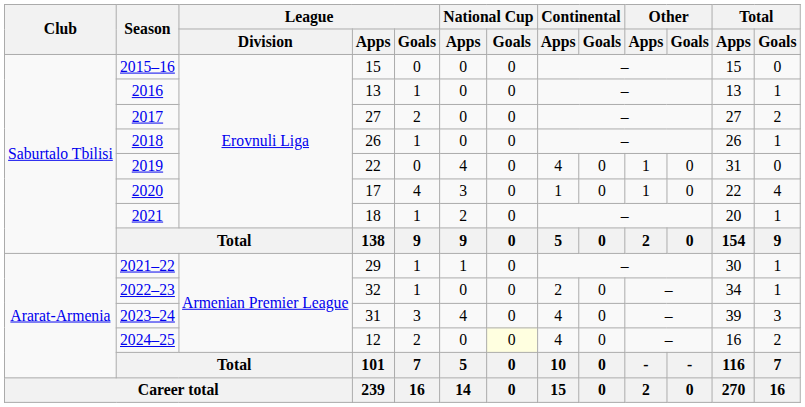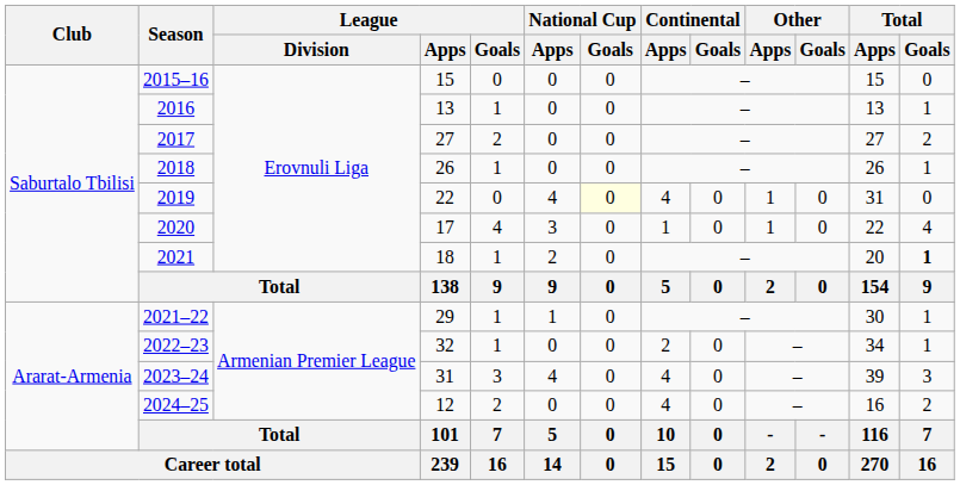 <table class="wikitable" style="text-align: center">
 <tr>
 <th rowspan="2">Club</th>
 <th rowspan="2">Season</th>
 <th colspan="3">League</th>
 <th colspan="2">National Cup</th>
 <th colspan="2">Continental</th>
 <th colspan="2">Other</th>
 <th colspan="2">Total</th>
 </tr>
 <tr>
 <th>Division</th>
 <th>Apps</th>
 <th>Goals</th>
 <th>Apps</th>
 <th>Goals</th>
 <th>Apps</th>
 <th>Goals</th>
 <th>Apps</th>
 <th>Goals</th>
 <th>Apps</th>
 <th>Goals</th>
 </tr>
 <tr>
 <td rowspan="8"><a href='#'>Saburtalo Tbilisi</a></td>
 <td><a href='#'>2015–16</a></td>
 <td rowspan="7"><a href='#'>Erovnuli Liga</a></td>
 <td>15</td>
 <td>0</td>
 <td>0</td>
 <td>0</td>
 <td colspan="4">–</td>
 <td>15</td>
 <td>0</td>
 </tr>
 <tr>
 <td><a href='#'>2016</a></td>
 <td>13</td>
 <td>1</td>
 <td>0</td>
 <td>0</td>
 <td colspan="4">–</td>
 <td>13</td>
 <td>1</td>
 </tr>
 <tr>
 <td><a href='#'>2017</a></td>
 <td>27</td>
 <td>2</td>
 <td>0</td>
 <td>0</td>
 <td colspan="4">–</td>
 <td>27</td>
 <td>2</td>
 </tr>
 <tr>
 <td><a href='#'>2018</a></td>
 <td>26</td>
 <td>1</td>
 <td>0</td>
 <td>0</td>
 <td colspan="4">–</td>
 <td>26</td>
 <td>1</td>
 </tr>
 <tr>
 <td><a href='#'>2019</a></td>
 <td>22</td>
 <td>0</td>
 <td>4</td>
-<td>0</td>
+<td style="background: lightyellow;">0</td>
 <td>4</td>
 <td>0</td>
 <td>1</td>
 <td>0</td>
 <td>31</td>
 <td>0</td>
 </tr>
 <tr>
 <td><a href='#'>2020</a></td>
 <td>17</td>
 <td>4</td>
 <td>3</td>
 <td>0</td>
 <td>1</td>
 <td>0</td>
 <td>1</td>
 <td>0</td>
 <td>22</td>
 <td>4</td>
 </tr>
 <tr>
 <td><a href='#'>2021</a></td>
 <td>18</td>
 <td>1</td>
 <td>2</td>
 <td>0</td>
 <td colspan="4">–</td>
 <td>20</td>
-<td>1</td>
+<td><strong>1</strong></td>
 </tr>
 <tr>
 <th colspan="2">Total</th>
 <th>138</th>
 <th>9</th>
 <th>9</th>
 <th>0</th>
 <th>5</th>
 <th>0</th>
 <th>2</th>
 <th>0</th>
 <th>154</th>
 <th>9</th>
 </tr>
 <tr>
 <td rowspan="5"><a href='#'>Ararat-Armenia</a></td>
 <td><a href='#'>2021–22</a></td>
 <td rowspan="4"><a href='#'>Armenian Premier League</a></td>
 <td>29</td>
 <td>1</td>
 <td>1</td>
 <td>0</td>
 <td colspan="4">–</td>
 <td>30</td>
 <td>1</td>
 </tr>
 <tr>
 <td><a href='#'>2022–23</a></td>
 <td>32</td>
 <td>1</td>
 <td>0</td>
 <td>0</td>
 <td>2</td>
 <td>0</td>
 <td colspan="2">–</td>
 <td>34</td>
 <td>1</td>
 </tr>
 <tr>
 <td><a href='#'>2023–24</a></td>
 <td>31</td>
 <td>3</td>
 <td>4</td>
 <td>0</td>
 <td>4</td>
 <td>0</td>
 <td colspan="2">–</td>
 <td>39</td>
 <td>3</td>
 </tr>
 <tr>
 <td><a href='#'>2024–25</a></td>
 <td>12</td>
 <td>2</td>
 <td>0</td>
-<td style="background: lightyellow;">0</td>
+<td>0</td>
 <td>4</td>
 <td>0</td>
 <td colspan="2">–</td>
 <td>16</td>
 <td>2</td>
 </tr>
 <tr>
 <th colspan="2">Total</th>
 <th>101</th>
 <th>7</th>
 <th>5</th>
 <th>0</th>
 <th>10</th>
 <th>0</th>
 <th>-</th>
 <th>-</th>
 <th>116</th>
 <th>7</th>
 </tr>
 <tr>
 <th colspan="3">Career total</th>
 <th>239</th>
 <th>16</th>
 <th>14</th>
 <th>0</th>
 <th>15</th>
 <th>0</th>
 <th>2</th>
 <th>0</th>
 <th>270</th>
 <th>16</th>
 </tr>
 </table>
